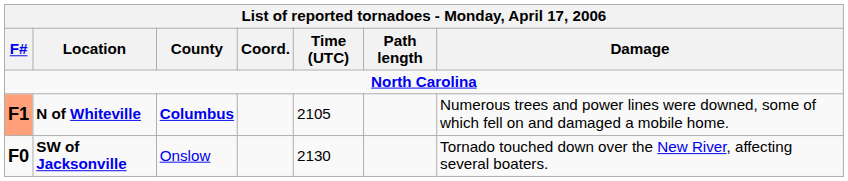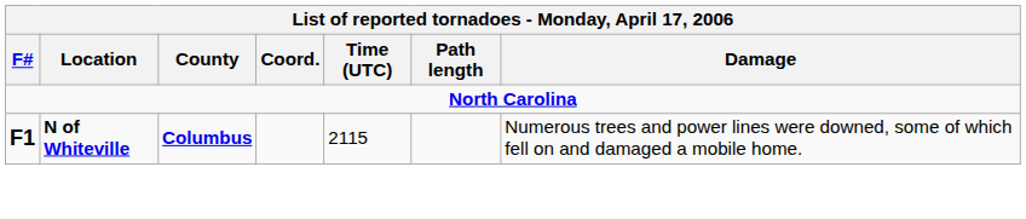 <table class="wikitable collapsible" width="100%">
 <tr>
 <th colspan="7">List of reported tornadoes - Monday, April 17, 2006</th>
 </tr>
 <tr>
 <th><a href='#'>F#</a></th>
 <th>Location</th>
 <th>County</th>
 <th>Coord.</th>
 <th>Time (UTC)</th>
 <th>Path length</th>
 <th>Damage</th>
 </tr>
 <tr>
 <td colspan="7" align=center><strong><a href='#'>North Carolina</a></strong></td>
 </tr>
 <tr>
-<td style="background: lightsalmon;"><big><strong>F1</strong></big></td>
+<td><big><strong>F1</strong></big></td>
 <td><strong>N of <a href='#'>Whiteville</a></strong></td>
 <td><strong><a href='#'>Columbus</a></strong></td>
 <td></td>
-<td>2105</td>
+<td>2115</td>
 <td></td>
 <td>Numerous trees and power lines were downed, some of which fell on and damaged a mobile home.</td>
 </tr>
-<tr>
-<td><big><strong>F0</strong></big></td>
-<td><strong>SW of <a href='#'>Jacksonville</a></strong></td>
-<td><a href='#'>Onslow</a></td>
-<td></td>
-<td>2130</td>
-<td></td>
-<td>Tornado touched down over the <a href='#'>New River</a>, affecting several boaters.</td>
-</tr>
 </table>
